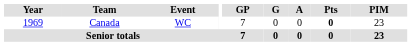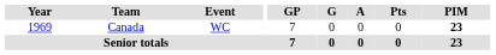 <table border="0" cellpadding="1" cellspacing="0" ID="Table3" style="text-align:center; width:40em">
 <tr bgcolor="#e0e0e0">
 <th>Year</th>
 <th>Team</th>
 <th>Event</th>
 <th rowspan="102" bgcolor="#ffffff"></th>
 <th>GP</th>
 <th>G</th>
 <th>A</th>
 <th>Pts</th>
 <th>PIM</th>
 </tr>
 <tr>
 <td><a href='#'>1969</a></td>
 <td><a href='#'>Canada</a></td>
 <td><a href='#'>WC</a></td>
 <td>7</td>
 <td>0</td>
 <td>0</td>
-<td><strong>0</strong></td>
-<td>23</td>
+<td>0</td>
+<td><strong>23</strong></td>
 </tr>
 <tr bgcolor="#e0e0e0">
 <th colspan="4">Senior totals</th>
 <th>7</th>
 <th>0</th>
 <th>0</th>
 <th>0</th>
 <th>23</th>
 </tr>
 </table>
